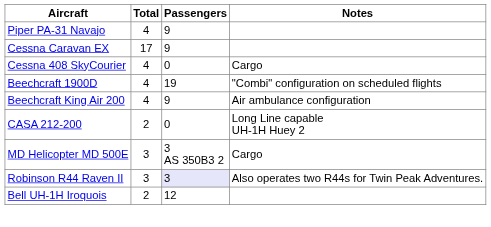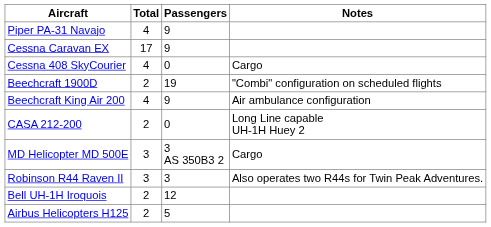 <table class="toccolours sortable" border="1" cellpadding="3" style="border-collapse:collapse;margin:1em auto;">
 <tr>
 <th>Aircraft</th>
 <th>Total</th>
 <th>Passengers</th>
 <th>Notes</th>
 </tr>
 <tr>
 <td><a href='#'>Piper PA-31 Navajo</a></td>
 <td align=center>4</td>
 <td>9</td>
 <td></td>
 </tr>
 <tr>
 <td><a href='#'>Cessna Caravan EX</a></td>
 <td align=center>17</td>
 <td>9</td>
 <td></td>
 </tr>
 <tr>
 <td><a href='#'>Cessna 408 SkyCourier</a></td>
 <td align=center>4</td>
 <td>0</td>
 <td>Cargo</td>
 </tr>
 <tr>
 <td><a href='#'>Beechcraft 1900D</a></td>
-<td align=center>4</td>
+<td align=center>2</td>
 <td>19</td>
 <td>"Combi" configuration on scheduled flights</td>
 </tr>
 <tr>
 <td><a href='#'>Beechcraft King Air 200</a></td>
 <td align=center>4</td>
 <td>9</td>
 <td>Air ambulance configuration</td>
 </tr>
 <tr>
 <td><a href='#'>CASA 212-200</a></td>
 <td align=center>2</td>
 <td>0</td>
 <td>Long Line capable<br>UH-1H Huey 2</td>
 </tr>
 <tr>
 <td><a href='#'>MD Helicopter MD 500E</a></td>
 <td align=center>3</td>
 <td>3<br>AS 350B3 2</td>
 <td>Cargo</td>
 </tr>
 <tr>
 <td><a href='#'>Robinson R44 Raven II</a></td>
 <td align=center>3</td>
-<td style="background: lavender;">3</td>
+<td>3</td>
 <td>Also operates two R44s for Twin Peak Adventures.</td>
 </tr>
 <tr>
 <td><a href='#'>Bell UH-1H Iroquois</a></td>
 <td align=center>2</td>
 <td>12</td>
 <td></td>
 </tr>
+<tr>
+<td><a href='#'>Airbus Helicopters H125</a></td>
+<td align=center>2</td>
+<td>5</td>
+<td></td>
+</tr>
 </table>
